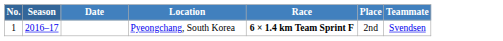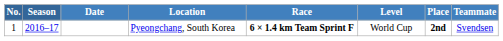 <table class="wikitable sortable" style="font-size:95%; text-align:center; border:grey solid 1px; border-collapse:collapse; background:#ffffff;">
 <tr style="background:#efefef;">
 <th style="background-color:#369; color:white;">No.</th>
 <th style="background-color:#369; color:white;">Season</th>
 <th style="background-color:#4180be; color:white; width:100px;">Date</th>
 <th style="background-color:#4180be; color:white; width:180px;">Location</th>
 <th style="background-color:#4180be; color:white; width:170px;">Race</th>
+<th style="background-color:#4180be; color:white; width:100px;">Level</th>
 <th style="background-color:#4180be; color:white;">Place</th>
 <th style="background-color:#4180be; color:white;">Teammate</th>
 </tr>
 <tr>
 <td>1</td>
 <td><a href='#'>2016–17</a></td>
 <td style="text-align: right;"></td>
 <td style="text-align: left;"> <a href='#'>Pyeongchang</a>, South Korea</td>
 <td><strong>6 × 1.4 km Team Sprint F</strong></td>
-<td>2nd</td>
+<td>World Cup</td>
+<td><strong>2nd</strong></td>
 <td><a href='#'>Svendsen</a></td>
 </tr>
 </table>
